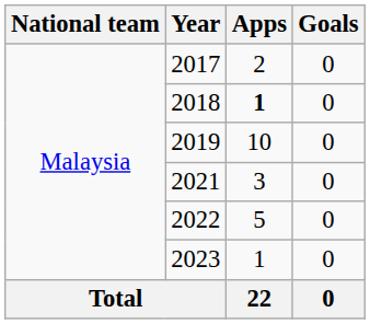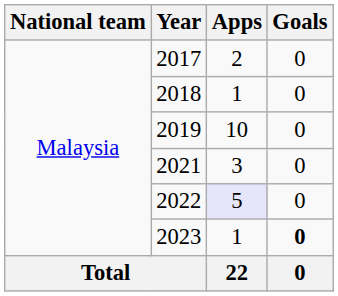 <table class=wikitable style="text-align: center;">
 <tr>
 <th>National team</th>
 <th>Year</th>
 <th>Apps</th>
 <th>Goals</th>
 </tr>
 <tr>
 <td rowspan=6><a href='#'>Malaysia</a></td>
 <td>2017</td>
 <td>2</td>
 <td>0</td>
 </tr>
 <tr>
 <td>2018</td>
-<td><strong>1</strong></td>
+<td>1</td>
 <td>0</td>
 </tr>
 <tr>
 <td>2019</td>
 <td>10</td>
 <td>0</td>
 </tr>
 <tr>
 <td>2021</td>
 <td>3</td>
 <td>0</td>
 </tr>
 <tr>
 <td>2022</td>
-<td>5</td>
+<td style="background: lavender;">5</td>
 <td>0</td>
 </tr>
 <tr>
 <td>2023</td>
 <td>1</td>
-<td>0</td>
+<td><strong>0</strong></td>
 </tr>
 <tr>
 <th colspan=2>Total</th>
 <th>22</th>
 <th>0</th>
 </tr>
 </table>
